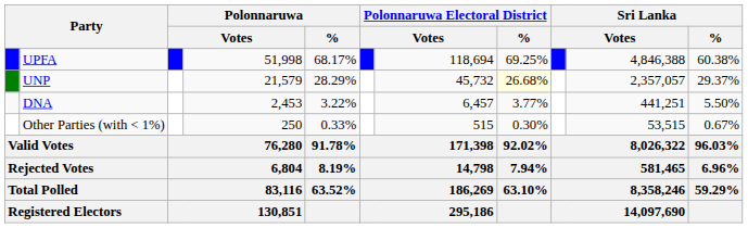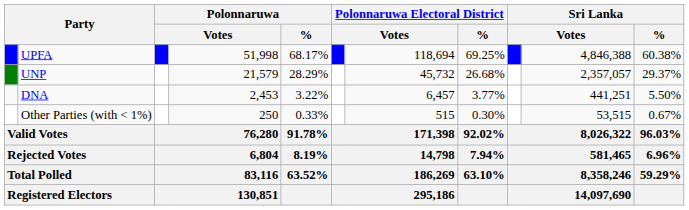 <table class="wikitable">
 <tr>
 <th colspan="2" width="144px"rowspan="2">Party</th>
 <th colspan="3" width="216px">Polonnaruwa</th>
 <th colspan="3" width="216px"><a href='#'>Polonnaruwa Electoral District</a></th>
 <th colspan="3" width="216px">Sri Lanka</th>
 </tr>
 <tr>
 <th colspan="2" width="144px">Votes</th>
 <th>%</th>
 <th colspan="2" width="144px">Votes</th>
 <th>%</th>
 <th colspan="2" width="144px">Votes</th>
 <th>%</th>
 </tr>
 <tr>
 <td style="background-color:blue;" width="10px"></td>
 <td style="text-align:left;"><a href='#'>UPFA</a></td>
 <td style="background-color:blue;" width="10px"></td>
 <td style="text-align:right;">51,998</td>
 <td style="text-align:right;">68.17%</td>
 <td style="background-color:blue;" width="10px"></td>
 <td style="text-align:right;">118,694</td>
 <td style="text-align:right;">69.25%</td>
 <td style="background-color:blue;" width="10px"></td>
 <td style="text-align:right;">4,846,388</td>
 <td style="text-align:right;">60.38%</td>
 </tr>
 <tr>
 <td style="background-color:green;" width="10px"></td>
 <td style="text-align:left;"><a href='#'>UNP</a></td>
 <td style="background-color:white;" width="10px"></td>
 <td style="text-align:right;">21,579</td>
 <td style="text-align:right;">28.29%</td>
 <td style="background-color:white;" width="10px"></td>
 <td style="text-align:right;">45,732</td>
-<td style="background: lightyellow; text-align:right;">26.68%</td>
+<td style="text-align:right;">26.68%</td>
 <td style="background-color:white;" width="10px"></td>
 <td style="text-align:right;">2,357,057</td>
 <td style="text-align:right;">29.37%</td>
 </tr>
 <tr>
 <td style="background-color:"></td>
 <td style="text-align:left;"><a href='#'>DNA</a></td>
 <td style="background-color:white;" width="10px"></td>
 <td style="text-align:right;">2,453</td>
 <td style="text-align:right;">3.22%</td>
 <td style="background-color:white;" width="10px"></td>
 <td style="text-align:right;">6,457</td>
 <td style="text-align:right;">3.77%</td>
 <td style="background-color:white;" width="10px"></td>
 <td style="text-align:right;">441,251</td>
 <td style="text-align:right;">5.50%</td>
 </tr>
 <tr>
 <td style="background-color:white;" width="10px"></td>
 <td style="text-align:left;">Other Parties (with < 1%)</td>
 <td style="background-color:white;" width="10px"></td>
 <td style="text-align:right;">250</td>
 <td style="text-align:right;">0.33%</td>
 <td style="background-color:white;" width="10px"></td>
 <td style="text-align:right;">515</td>
 <td style="text-align:right;">0.30%</td>
 <td style="background-color:white;" width="10px"></td>
 <td style="text-align:right;">53,515</td>
 <td style="text-align:right;">0.67%</td>
 </tr>
 <tr>
 <th colspan="2" width="144px"style="text-align:left;">Valid Votes</th>
 <th style="text-align:right;"colspan="2" width="144px">76,280</th>
 <th style="text-align:right;">91.78%</th>
 <th style="text-align:right;"colspan="2" width="144px">171,398</th>
 <th style="text-align:right;">92.02%</th>
 <th style="text-align:right;"colspan="2" width="144px">8,026,322</th>
 <th style="text-align:right;">96.03%</th>
 </tr>
 <tr>
 <th colspan="2" width="144px"style="text-align:left;">Rejected Votes</th>
 <th style="text-align:right;"colspan="2" width="144px">6,804</th>
 <th style="text-align:right;">8.19%</th>
 <th style="text-align:right;"colspan="2" width="144px">14,798</th>
 <th style="text-align:right;">7.94%</th>
 <th style="text-align:right;"colspan="2" width="144px">581,465</th>
 <th style="text-align:right;">6.96%</th>
 </tr>
 <tr>
 <th colspan="2" width="144px"style="text-align:left;">Total Polled</th>
 <th style="text-align:right;"colspan="2" width="144px">83,116</th>
 <th style="text-align:right;">63.52%</th>
 <th style="text-align:right;"colspan="2" width="144px">186,269</th>
 <th style="text-align:right;">63.10%</th>
 <th style="text-align:right;"colspan="2" width="144px">8,358,246</th>
 <th style="text-align:right;">59.29%</th>
 </tr>
 <tr>
 <th colspan="2" width="144px"style="text-align:left;">Registered Electors</th>
 <th style="text-align:right;"colspan="2" width="144px">130,851</th>
 <th></th>
 <th style="text-align:right;"colspan="2" width="144px">295,186</th>
 <th></th>
 <th style="text-align:right;"colspan="2" width="144px">14,097,690</th>
 <th></th>
 </tr>
 </table>
